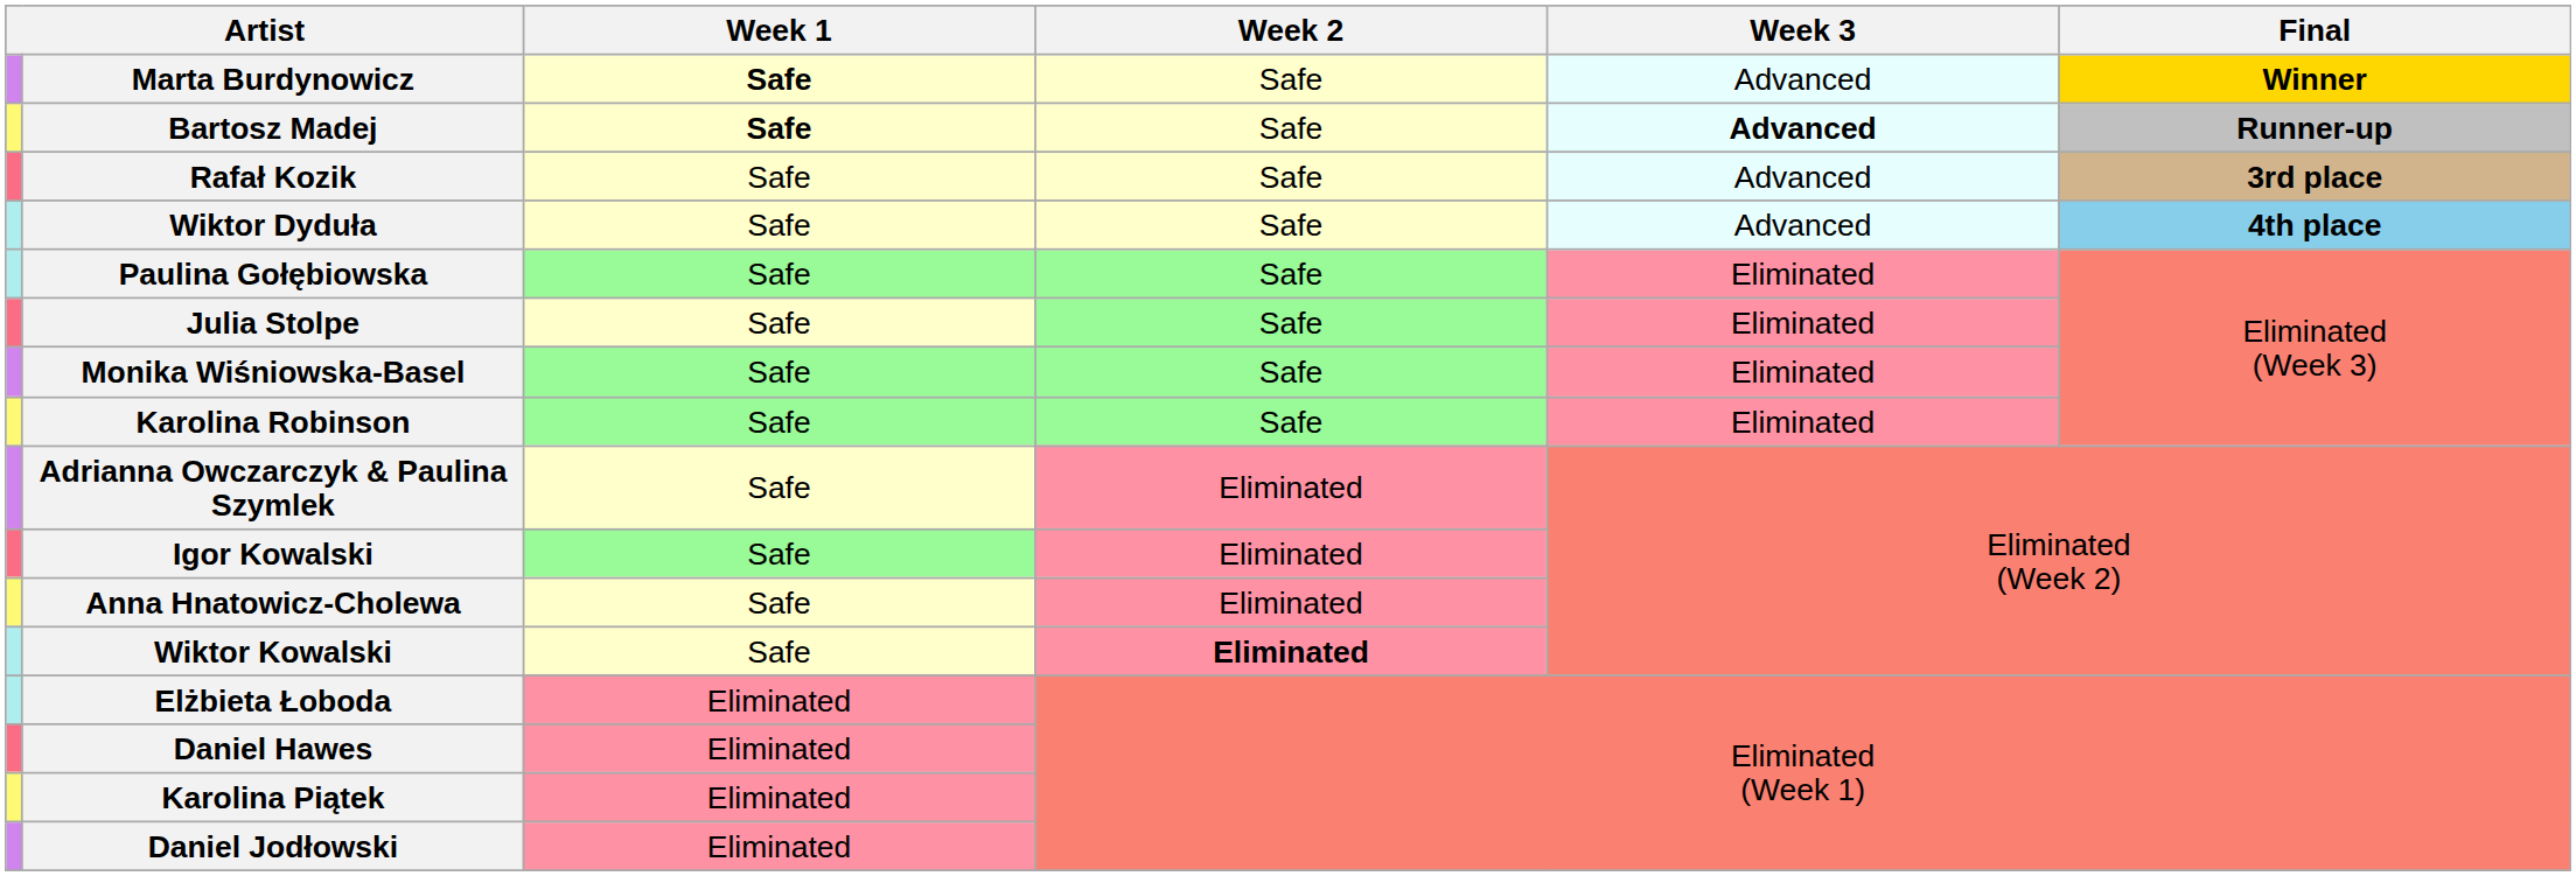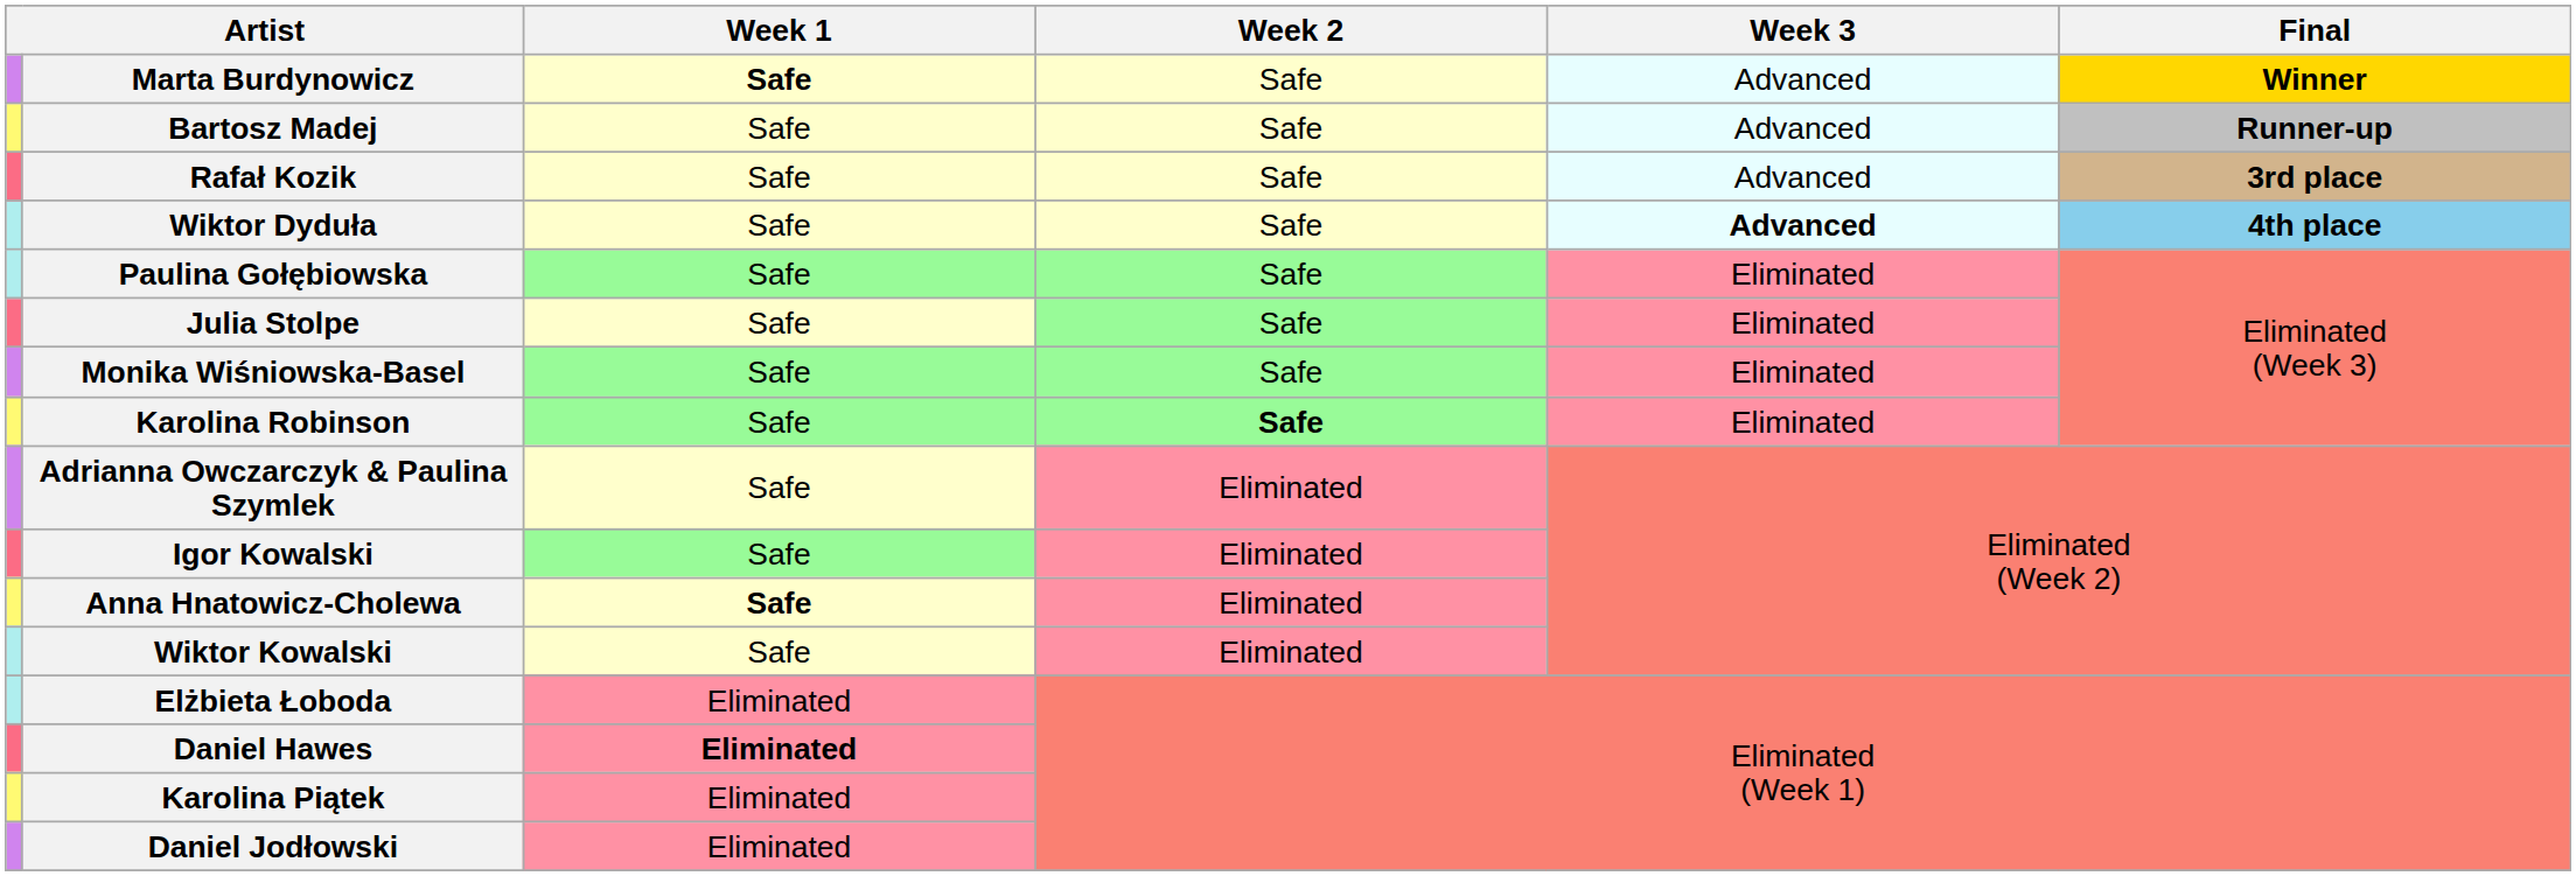 <table class="wikitable" style="font-size:95%; text-align:center; width:100%">
 <tr>
 <th style="width:15%" colspan="2">Artist</th>
 <th style="width:15%">Week 1</th>
 <th style="width:15%">Week 2</th>
 <th style="width:15%">Week 3</th>
 <th style="width:15%">Final</th>
 </tr>
 <tr>
 <td style="background:#d084ee"></td>
 <th>Marta Burdynowicz</th>
 <td style="background:#ffffcc"><strong>Safe</strong></td>
 <td style="background:#ffffcc">Safe</td>
 <td style="background:#E7FEFF">Advanced</td>
 <th style="background: gold">Winner</th>
 </tr>
 <tr>
 <th style="background:#fffa73"></th>
 <th>Bartosz Madej</th>
-<td style="background:#ffffcc"><strong>Safe</strong></td>
 <td style="background:#ffffcc">Safe</td>
-<td style="background:#E7FEFF"><strong>Advanced</strong></td>
+<td style="background:#ffffcc">Safe</td>
+<td style="background:#E7FEFF">Advanced</td>
 <th style="background: silver">Runner-up</th>
 </tr>
 <tr>
 <th style="background:#FC6C85"></th>
 <th>Rafał Kozik</th>
 <td style="background:#ffffcc">Safe</td>
 <td style="background:#ffffcc">Safe</td>
 <td style="background:#E7FEFF">Advanced</td>
 <th style="background: tan">3rd place</th>
 </tr>
 <tr>
 <td style="background:#afeeee"></td>
 <th>Wiktor Dyduła</th>
 <td style="background:#ffffcc">Safe</td>
 <td style="background:#ffffcc">Safe</td>
-<td style="background:#E7FEFF">Advanced</td>
+<td style="background:#E7FEFF"><strong>Advanced</strong></td>
 <th style="background: skyblue">4th place</th>
 </tr>
 <tr>
 <th style="background:#afeeee"></th>
 <th>Paulina Gołębiowska</th>
 <td style="background: palegreen">Safe</td>
 <td style="background: palegreen">Safe</td>
 <td style="background:#FF91A4">Eliminated</td>
 <td rowspan="4" style="background:salmon">Eliminated<br>(Week 3)</td>
 </tr>
 <tr>
 <th style="background:#FC6C85"></th>
 <th>Julia Stolpe</th>
 <td style="background:#ffffcc">Safe</td>
 <td style="background: palegreen">Safe</td>
 <td style="background:#FF91A4">Eliminated</td>
 </tr>
 <tr>
 <td style="background:#d084ee"></td>
 <th>Monika Wiśniowska-Basel</th>
 <td style="background: palegreen">Safe</td>
 <td style="background: palegreen">Safe</td>
 <td style="background:#FF91A4">Eliminated</td>
 </tr>
 <tr>
 <th style="background:#fffa73"></th>
 <th>Karolina Robinson</th>
 <td style="background: palegreen">Safe</td>
-<td style="background: palegreen">Safe</td>
+<td style="background: palegreen"><strong>Safe</strong></td>
 <td style="background:#FF91A4">Eliminated</td>
 </tr>
 <tr>
 <th style="background:#d084ee"></th>
 <th>Adrianna Owczarczyk & Paulina Szymlek</th>
 <td style="background:#ffffcc">Safe</td>
 <td style="background:#FF91A4">Eliminated</td>
 <td colspan="4" rowspan="4" style="background:salmon">Eliminated<br>(Week 2)</td>
 </tr>
 <tr>
 <th style="background:#FC6C85"></th>
 <th>Igor Kowalski</th>
 <td style="background: palegreen">Safe</td>
 <td style="background:#FF91A4">Eliminated</td>
 </tr>
 <tr>
 <th style="background:#fffa73"></th>
 <th>Anna Hnatowicz-Cholewa</th>
-<td style="background:#ffffcc">Safe</td>
+<td style="background:#ffffcc"><strong>Safe</strong></td>
 <td style="background:#FF91A4">Eliminated</td>
 </tr>
 <tr>
 <th style="background:#afeeee"></th>
 <th>Wiktor Kowalski</th>
 <td style="background:#ffffcc">Safe</td>
-<td style="background:#FF91A4"><strong>Eliminated</strong></td>
+<td style="background:#FF91A4">Eliminated</td>
 </tr>
 <tr>
 <th style="background:#afeeee"></th>
 <th>Elżbieta Łoboda</th>
 <td style="background:#FF91A4">Eliminated</td>
 <td colspan="4" rowspan="8" style="background:salmon">Eliminated<br>(Week 1)</td>
 </tr>
 <tr>
 <th style="background:#FC6C85"></th>
 <th>Daniel Hawes</th>
-<td style="background:#FF91A4">Eliminated</td>
+<td style="background:#FF91A4"><strong>Eliminated</strong></td>
 </tr>
 <tr>
 <th style="background:#fffa73"></th>
 <th>Karolina Piątek</th>
 <td style="background:#FF91A4">Eliminated</td>
 </tr>
 <tr>
 <th style="background:#d084ee"></th>
 <th>Daniel Jodłowski</th>
 <td style="background:#FF91A4">Eliminated</td>
 </tr>
 </table>
